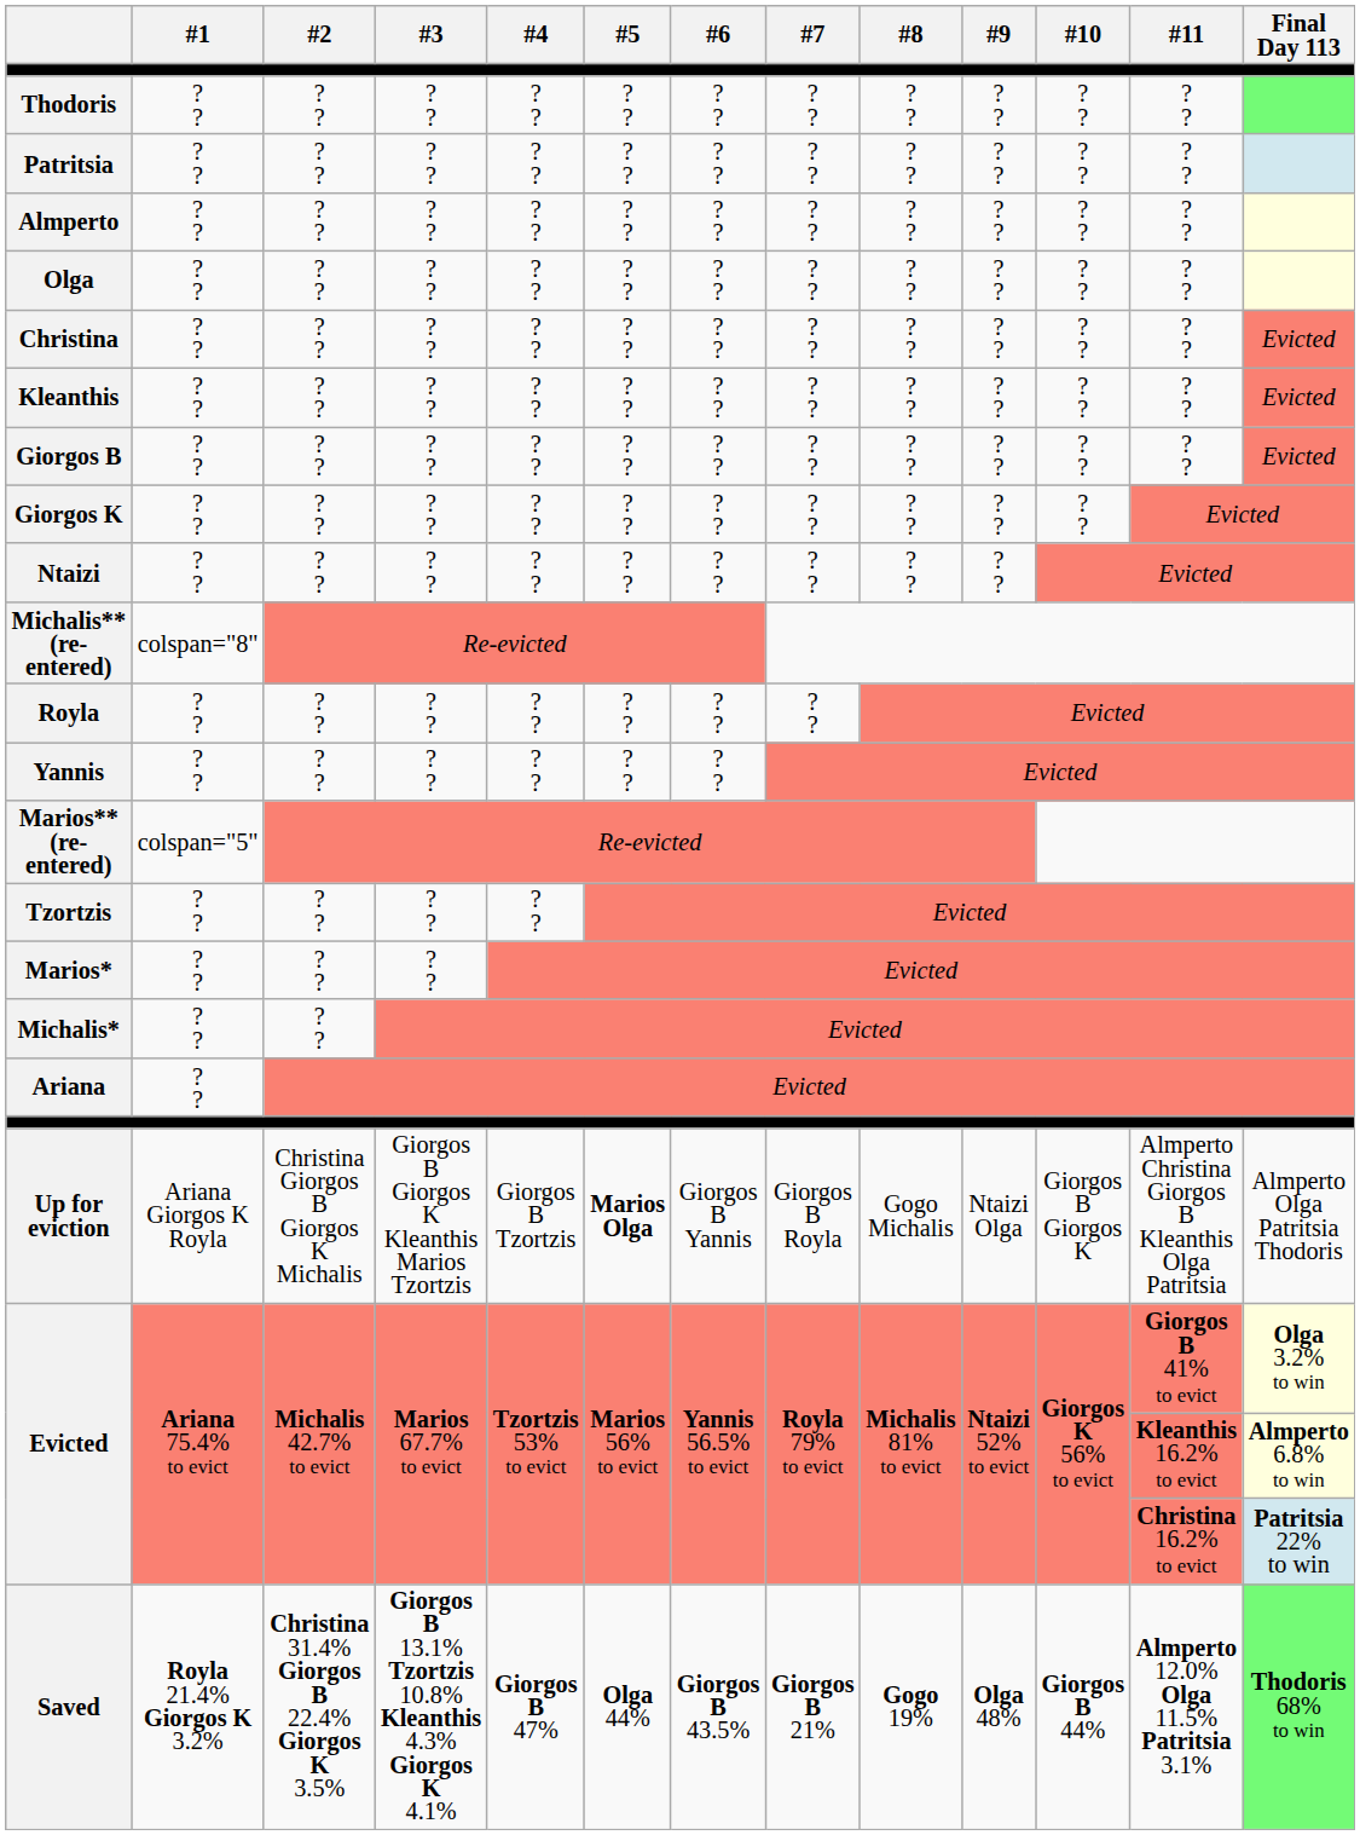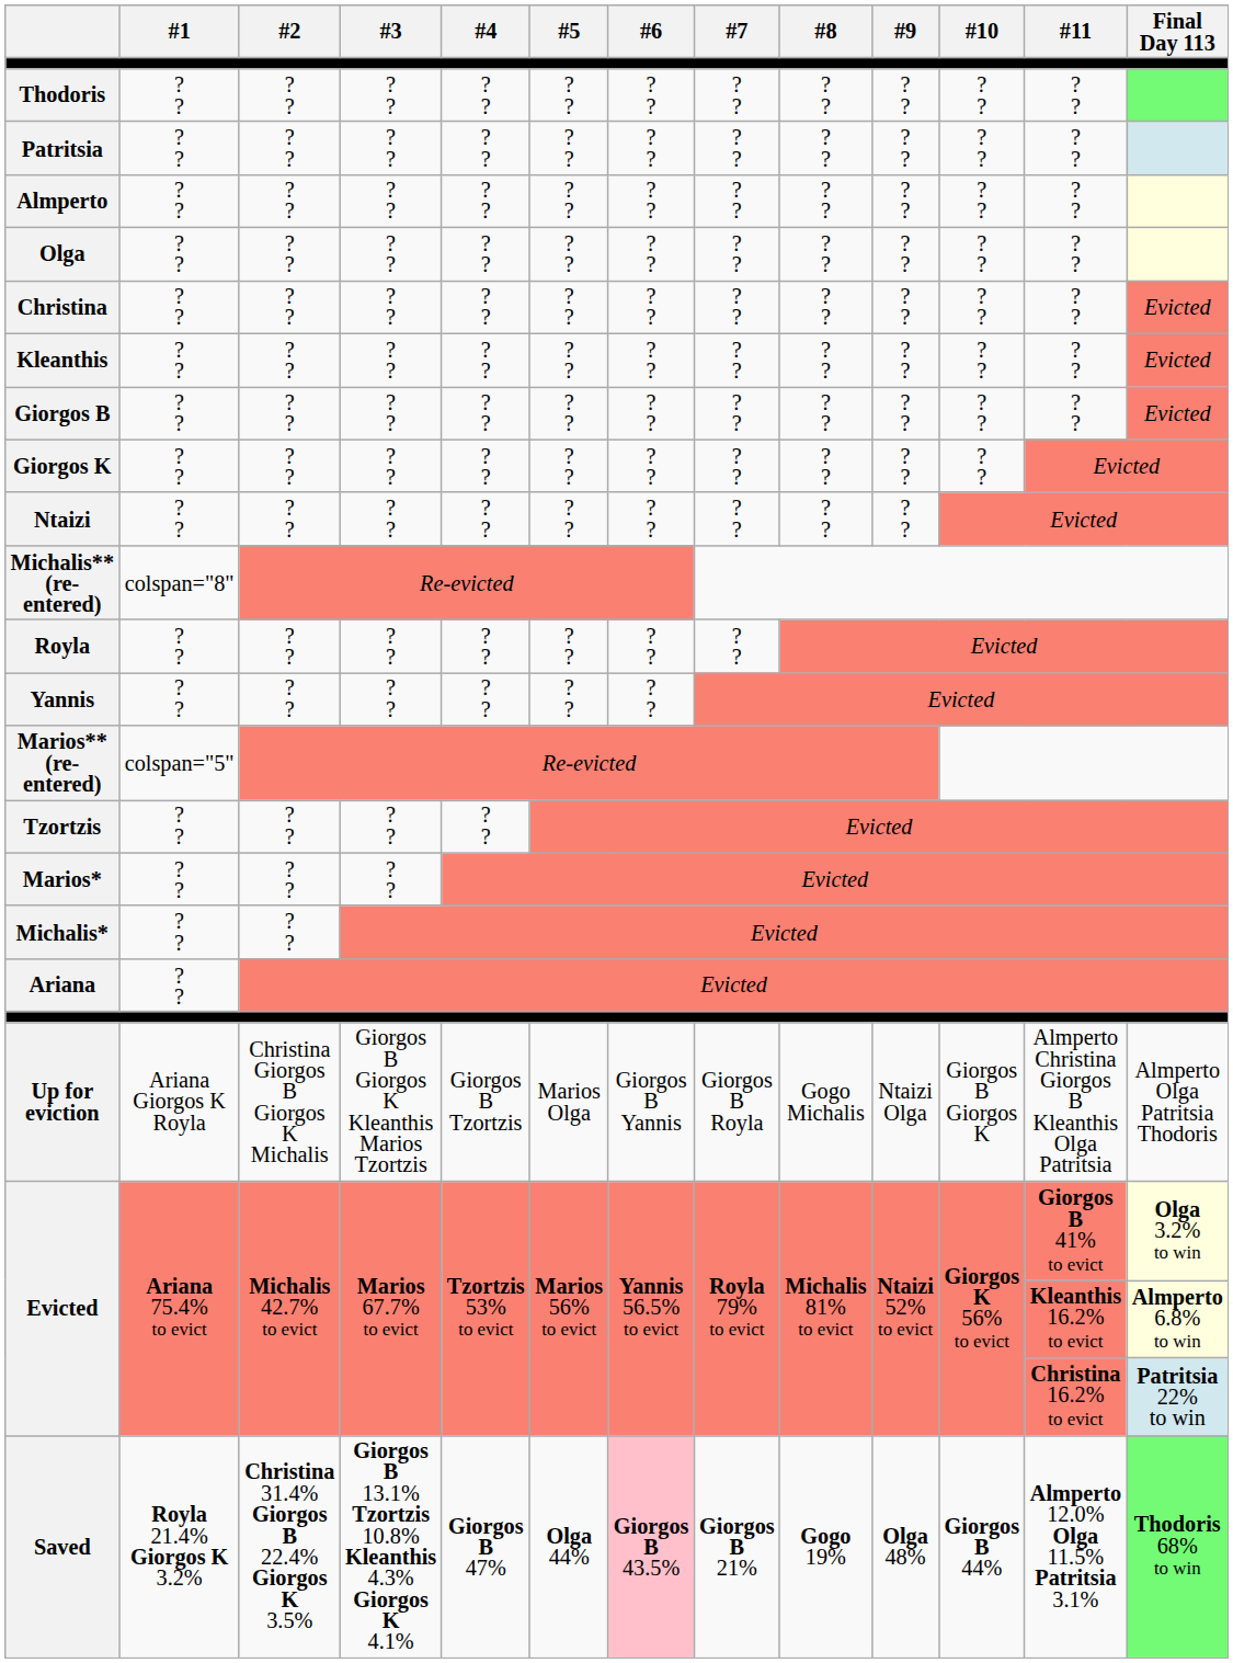 <table class="wikitable" style="text-align:center; font-size:85%; line-height:13px; width:100%">
 <tr>
 <th style="width:5%"></th>
 <th style="width:5%">#1</th>
 <th style="width:5%">#2</th>
 <th style="width:5%">#3</th>
 <th style="width:5%">#4</th>
 <th style="width:5%">#5</th>
 <th style="width:5%">#6</th>
 <th style="width:5%">#7</th>
 <th style="width:5%">#8</th>
 <th style="width:5%">#9</th>
 <th style="width:5%">#10</th>
 <th style="width:5%">#11</th>
 <th colspan="2" style="width:10%">Final<br>Day 113</th>
 </tr>
 <tr>
 <td colspan="17" style="background:#000"></td>
 </tr>
 <tr>
 <th>Thodoris</th>
 <td>?<br>?</td>
 <td>?<br>?</td>
 <td>?<br>?</td>
 <td>?<br>?</td>
 <td>?<br>?</td>
 <td>?<br>?</td>
 <td>?<br>?</td>
 <td>?<br>?</td>
 <td>?<br>?</td>
 <td>?<br>?</td>
 <td>?<br>?</td>
 <td colspan="2" style="background:#73FB76;"></td>
 </tr>
 <tr>
 <th>Patritsia</th>
 <td>?<br>?</td>
 <td>?<br>?</td>
 <td>?<br>?</td>
 <td>?<br>?</td>
 <td>?<br>?</td>
 <td>?<br>?</td>
 <td>?<br>?</td>
 <td>?<br>?</td>
 <td>?<br>?</td>
 <td>?<br>?</td>
 <td>?<br>?</td>
 <td colspan="2" style="background:#D1E8EF;"></td>
 </tr>
 <tr>
 <th>Almperto</th>
 <td>?<br>?</td>
 <td>?<br>?</td>
 <td>?<br>?</td>
 <td>?<br>?</td>
 <td>?<br>?</td>
 <td>?<br>?</td>
 <td>?<br>?</td>
 <td>?<br>?</td>
 <td>?<br>?</td>
 <td>?<br>?</td>
 <td>?<br>?</td>
 <td colspan="2" style="background:#ffffdd;"></td>
 </tr>
 <tr>
 <th>Olga</th>
 <td>?<br>?</td>
 <td>?<br>?</td>
 <td>?<br>?</td>
 <td>?<br>?</td>
 <td>?<br>?</td>
 <td>?<br>?</td>
 <td>?<br>?</td>
 <td>?<br>?</td>
 <td>?<br>?</td>
 <td>?<br>?</td>
 <td>?<br>?</td>
 <td colspan="2" style="background:#ffffdd;"></td>
 </tr>
 <tr>
 <th>Christina</th>
 <td>?<br>?</td>
 <td>?<br>?</td>
 <td>?<br>?</td>
 <td>?<br>?</td>
 <td>?<br>?</td>
 <td>?<br>?</td>
 <td>?<br>?</td>
 <td>?<br>?</td>
 <td>?<br>?</td>
 <td>?<br>?</td>
 <td>?<br>?</td>
 <td colspan="2" style="background:salmon;"><em>Evicted</em></td>
 </tr>
 <tr>
 <th>Kleanthis</th>
 <td>?<br>?</td>
 <td>?<br>?</td>
 <td>?<br>?</td>
 <td>?<br>?</td>
 <td>?<br>?</td>
 <td>?<br>?</td>
 <td>?<br>?</td>
 <td>?<br>?</td>
 <td>?<br>?</td>
 <td>?<br>?</td>
 <td>?<br>?</td>
 <td colspan="2" style="background:salmon;"><em>Evicted</em></td>
 </tr>
 <tr>
 <th>Giorgos B</th>
 <td>?<br>?</td>
 <td>?<br>?</td>
 <td>?<br>?</td>
 <td>?<br>?</td>
 <td>?<br>?</td>
 <td>?<br>?</td>
 <td>?<br>?</td>
 <td>?<br>?</td>
 <td>?<br>?</td>
 <td>?<br>?</td>
 <td>?<br>?</td>
 <td colspan="2" style="background:salmon; "><em>Evicted</em></td>
 </tr>
 <tr>
 <th>Giorgos K</th>
 <td>?<br>?</td>
 <td>?<br>?</td>
 <td>?<br>?</td>
 <td>?<br>?</td>
 <td>?<br>?</td>
 <td>?<br>?</td>
 <td>?<br>?</td>
 <td>?<br>?</td>
 <td>?<br>?</td>
 <td>?<br>?</td>
 <td colspan="3" style="background:salmon; "><em>Evicted</em></td>
 </tr>
 <tr>
 <th>Ntaizi</th>
 <td>?<br>?</td>
 <td>?<br>?</td>
 <td>?<br>?</td>
 <td>?<br>?</td>
 <td>?<br>?</td>
 <td>?<br>?</td>
 <td>?<br>?</td>
 <td>?<br>?</td>
 <td>?<br>?</td>
 <td colspan="4" style="background:salmon; "><em>Evicted</em></td>
 </tr>
 <tr>
 <th>Michalis**<br>(re-entered)</th>
 <td>colspan="8" </td>
 <td colspan="5" style="background:salmon; "><em>Re-evicted</em></td>
 </tr>
 <tr>
 <th>Royla</th>
 <td>?<br>?</td>
 <td>?<br>?</td>
 <td>?<br>?</td>
 <td>?<br>?</td>
 <td>?<br>?</td>
 <td>?<br>?</td>
 <td>?<br>?</td>
 <td colspan="6" style="background:salmon; "><em>Evicted</em></td>
 </tr>
 <tr>
 <th>Yannis</th>
 <td>?<br>?</td>
 <td>?<br>?</td>
 <td>?<br>?</td>
 <td>?<br>?</td>
 <td>?<br>?</td>
 <td>?<br>?</td>
 <td colspan="7" style="background:salmon; "><em>Evicted</em></td>
 </tr>
 <tr>
 <th>Marios**<br>(re-entered)</th>
 <td>colspan="5" </td>
 <td colspan="8" style="background:salmon; "><em>Re-evicted</em></td>
 </tr>
 <tr>
 <th>Tzortzis</th>
 <td>?<br>?</td>
 <td>?<br>?</td>
 <td>?<br>?</td>
 <td>?<br>?</td>
 <td colspan="9" style="background:salmon; "><em>Evicted</em></td>
 </tr>
 <tr>
 <th>Marios*</th>
 <td>?<br>?</td>
 <td>?<br>?</td>
 <td>?<br>?</td>
 <td colspan="10" style="background:salmon; "><em>Evicted</em></td>
 </tr>
 <tr>
 <th>Michalis*</th>
 <td>?<br>?</td>
 <td>?<br>?</td>
 <td colspan="11" style="background:salmon; "><em>Evicted</em></td>
 </tr>
 <tr>
 <th>Ariana</th>
 <td>?<br>?</td>
 <td colspan="12" style="background:salmon; "><em>Evicted</em></td>
 </tr>
 <tr>
 <td colspan="14" style="background:black;"></td>
 </tr>
 <tr>
 <th>Up for<br>eviction</th>
 <td>Ariana<br>Giorgos K<br>Royla</td>
 <td>Christina<br>Giorgos B<br>Giorgos K<br>Michalis</td>
 <td>Giorgos B<br>Giorgos K<br>Kleanthis<br>Marios<br>Tzortzis</td>
 <td>Giorgos B<br>Tzortzis</td>
-<td><strong>Marios<br>Olga</strong></td>
+<td>Marios<br>Olga</td>
 <td>Giorgos B<br>Yannis</td>
 <td>Giorgos B<br>Royla</td>
 <td>Gogo<br>Michalis</td>
 <td>Ntaizi<br>Olga</td>
 <td>Giorgos B <br>Giorgos K</td>
 <td>Almperto<br>Christina<br>Giorgos B<br>Kleanthis<br>Olga<br>Patritsia</td>
 <td colspan="2">Almperto<br>Olga<br>Patritsia<br>Thodoris</td>
 </tr>
 <tr>
 <th rowspan="3">Evicted</th>
 <td rowspan="3" style="background:salmon"><strong>Ariana</strong><br>75.4%<br><small>to evict</small></td>
 <td rowspan="3" style="background:salmon"><strong>Michalis</strong><br>42.7%<br><small>to evict</small></td>
 <td rowspan="3" style="background:salmon"><strong>Marios</strong><br>67.7%<br><small>to evict</small></td>
 <td rowspan="3" style="background:salmon"><strong>Tzortzis</strong><br>53%<br><small>to evict</small></td>
 <td rowspan="3" style="background:salmon"><strong>Marios</strong><br>56%<br><small>to evict</small></td>
 <td rowspan="3" style="background:salmon"><strong>Yannis</strong><br>56.5%<br><small>to evict</small></td>
 <td rowspan="3" style="background:salmon"><strong>Royla</strong><br>79%<br><small>to evict</small></td>
 <td rowspan="3" style="background:salmon"><strong>Michalis</strong><br>81%<br><small>to evict</small></td>
 <td rowspan="3" style="background:salmon"><strong>Ntaizi</strong><br>52%<br><small>to evict</small></td>
 <td rowspan="3" style="background:salmon"><strong>Giorgos K</strong><br>56%<br><small>to evict</small></td>
 <td style="background:salmon"><strong>Giorgos B</strong><br>41%<small><br>to evict</small></td>
 <td style="background:#ffffdd;"><strong>Olga</strong><br>3.2%<br><small>to win</small></td>
 </tr>
 <tr>
 <td style="background:salmon"><strong>Kleanthis</strong><br>16.2%<small><br>to evict</small></td>
 <td style="background:#ffffdd;"><strong>Almperto</strong><br>6.8%<br><small>to win</small></td>
 </tr>
 <tr>
 <td style="background:salmon"><strong>Christina</strong><br>16.2%<small><br>to evict</small></td>
 <td style="background:#D1E8EF"><strong>Patritsia</strong><br>22%<br>to win</td>
 </tr>
 <tr>
 <th>Saved</th>
 <td><strong>Royla</strong><br>21.4%<br><strong>Giorgos K</strong><br>3.2%</td>
 <td><strong>Christina</strong><br>31.4%<br><strong>Giorgos B</strong><br>22.4%<br><strong>Giorgos K</strong><br>3.5%</td>
 <td><strong>Giorgos B</strong><br>13.1%<br><strong>Tzortzis</strong><br>10.8%<br><strong>Kleanthis</strong><br>4.3%<br><strong>Giorgos K</strong><br>4.1%</td>
 <td><strong>Giorgos B</strong><br>47%</td>
 <td><strong>Olga</strong><br>44%</td>
-<td><strong>Giorgos B</strong><br>43.5%</td>
+<td style="background: pink;"><strong>Giorgos B</strong><br>43.5%</td>
 <td><strong>Giorgos B</strong><br>21%</td>
 <td><strong>Gogo</strong><br>19%</td>
 <td><strong>Olga</strong><br>48%</td>
 <td><strong>Giorgos B</strong><br>44%</td>
 <td><strong>Almperto</strong><br>12.0%<br><strong>Olga</strong><br>11.5%<br><strong>Patritsia</strong><br>3.1%</td>
 <td colspan="2" style="background:#73FB76"><strong>Thodoris</strong><br>68%<br><small>to win</small></td>
 </tr>
 </table>
